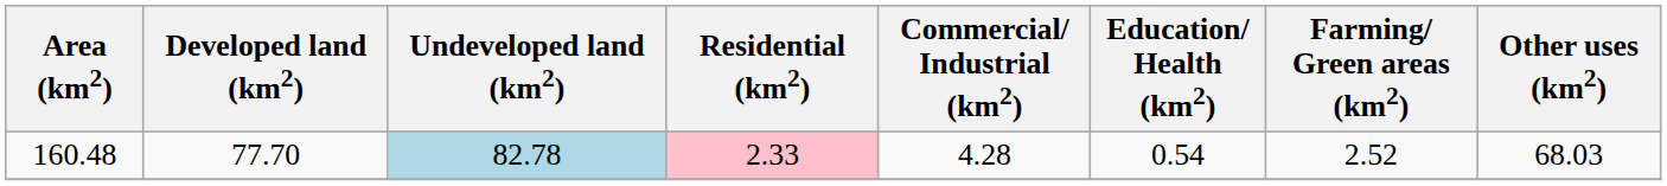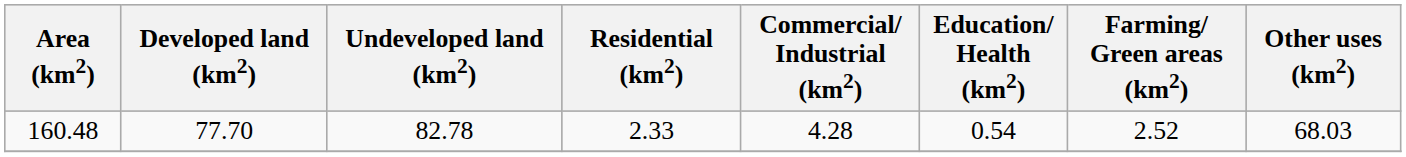 <table class="wikitable" style="text-align: center;">
 <tr>
 <th>Area (km<sup>2</sup>)</th>
 <th>Developed land (km<sup>2</sup>)</th>
 <th>Undeveloped land (km<sup>2</sup>)</th>
 <th>Residential (km<sup>2</sup>)</th>
 <th>Commercial/<br> Industrial (km<sup>2</sup>)</th>
 <th>Education/<br> Health (km<sup>2</sup>)</th>
 <th>Farming/<br> Green areas (km<sup>2</sup>)</th>
 <th>Other uses (km<sup>2</sup>)</th>
 </tr>
 <tr>
 <td>160.48</td>
 <td>77.70</td>
-<td style="background: lightblue;">82.78</td>
-<td style="background: pink;">2.33</td>
+<td>82.78</td>
+<td>2.33</td>
 <td>4.28</td>
 <td>0.54</td>
 <td>2.52</td>
 <td>68.03</td>
 </tr>
 <tr>
 </tr>
 </table>
